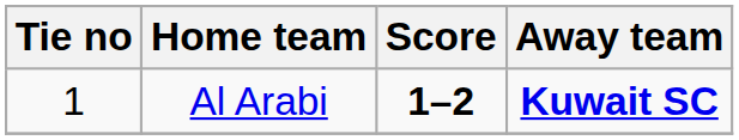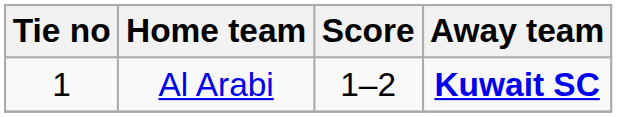 <table class="wikitable" style="text-align: center">
 <tr>
 <th>Tie no</th>
 <th>Home team</th>
 <th>Score</th>
 <th>Away team</th>
 </tr>
 <tr>
 <td>1</td>
 <td><a href='#'>Al Arabi</a></td>
-<td><strong>1–2</strong></td>
+<td>1–2</td>
 <td><strong><a href='#'>Kuwait SC</a></strong></td>
 </tr>
 <tr>
 </tr>
 </table>
